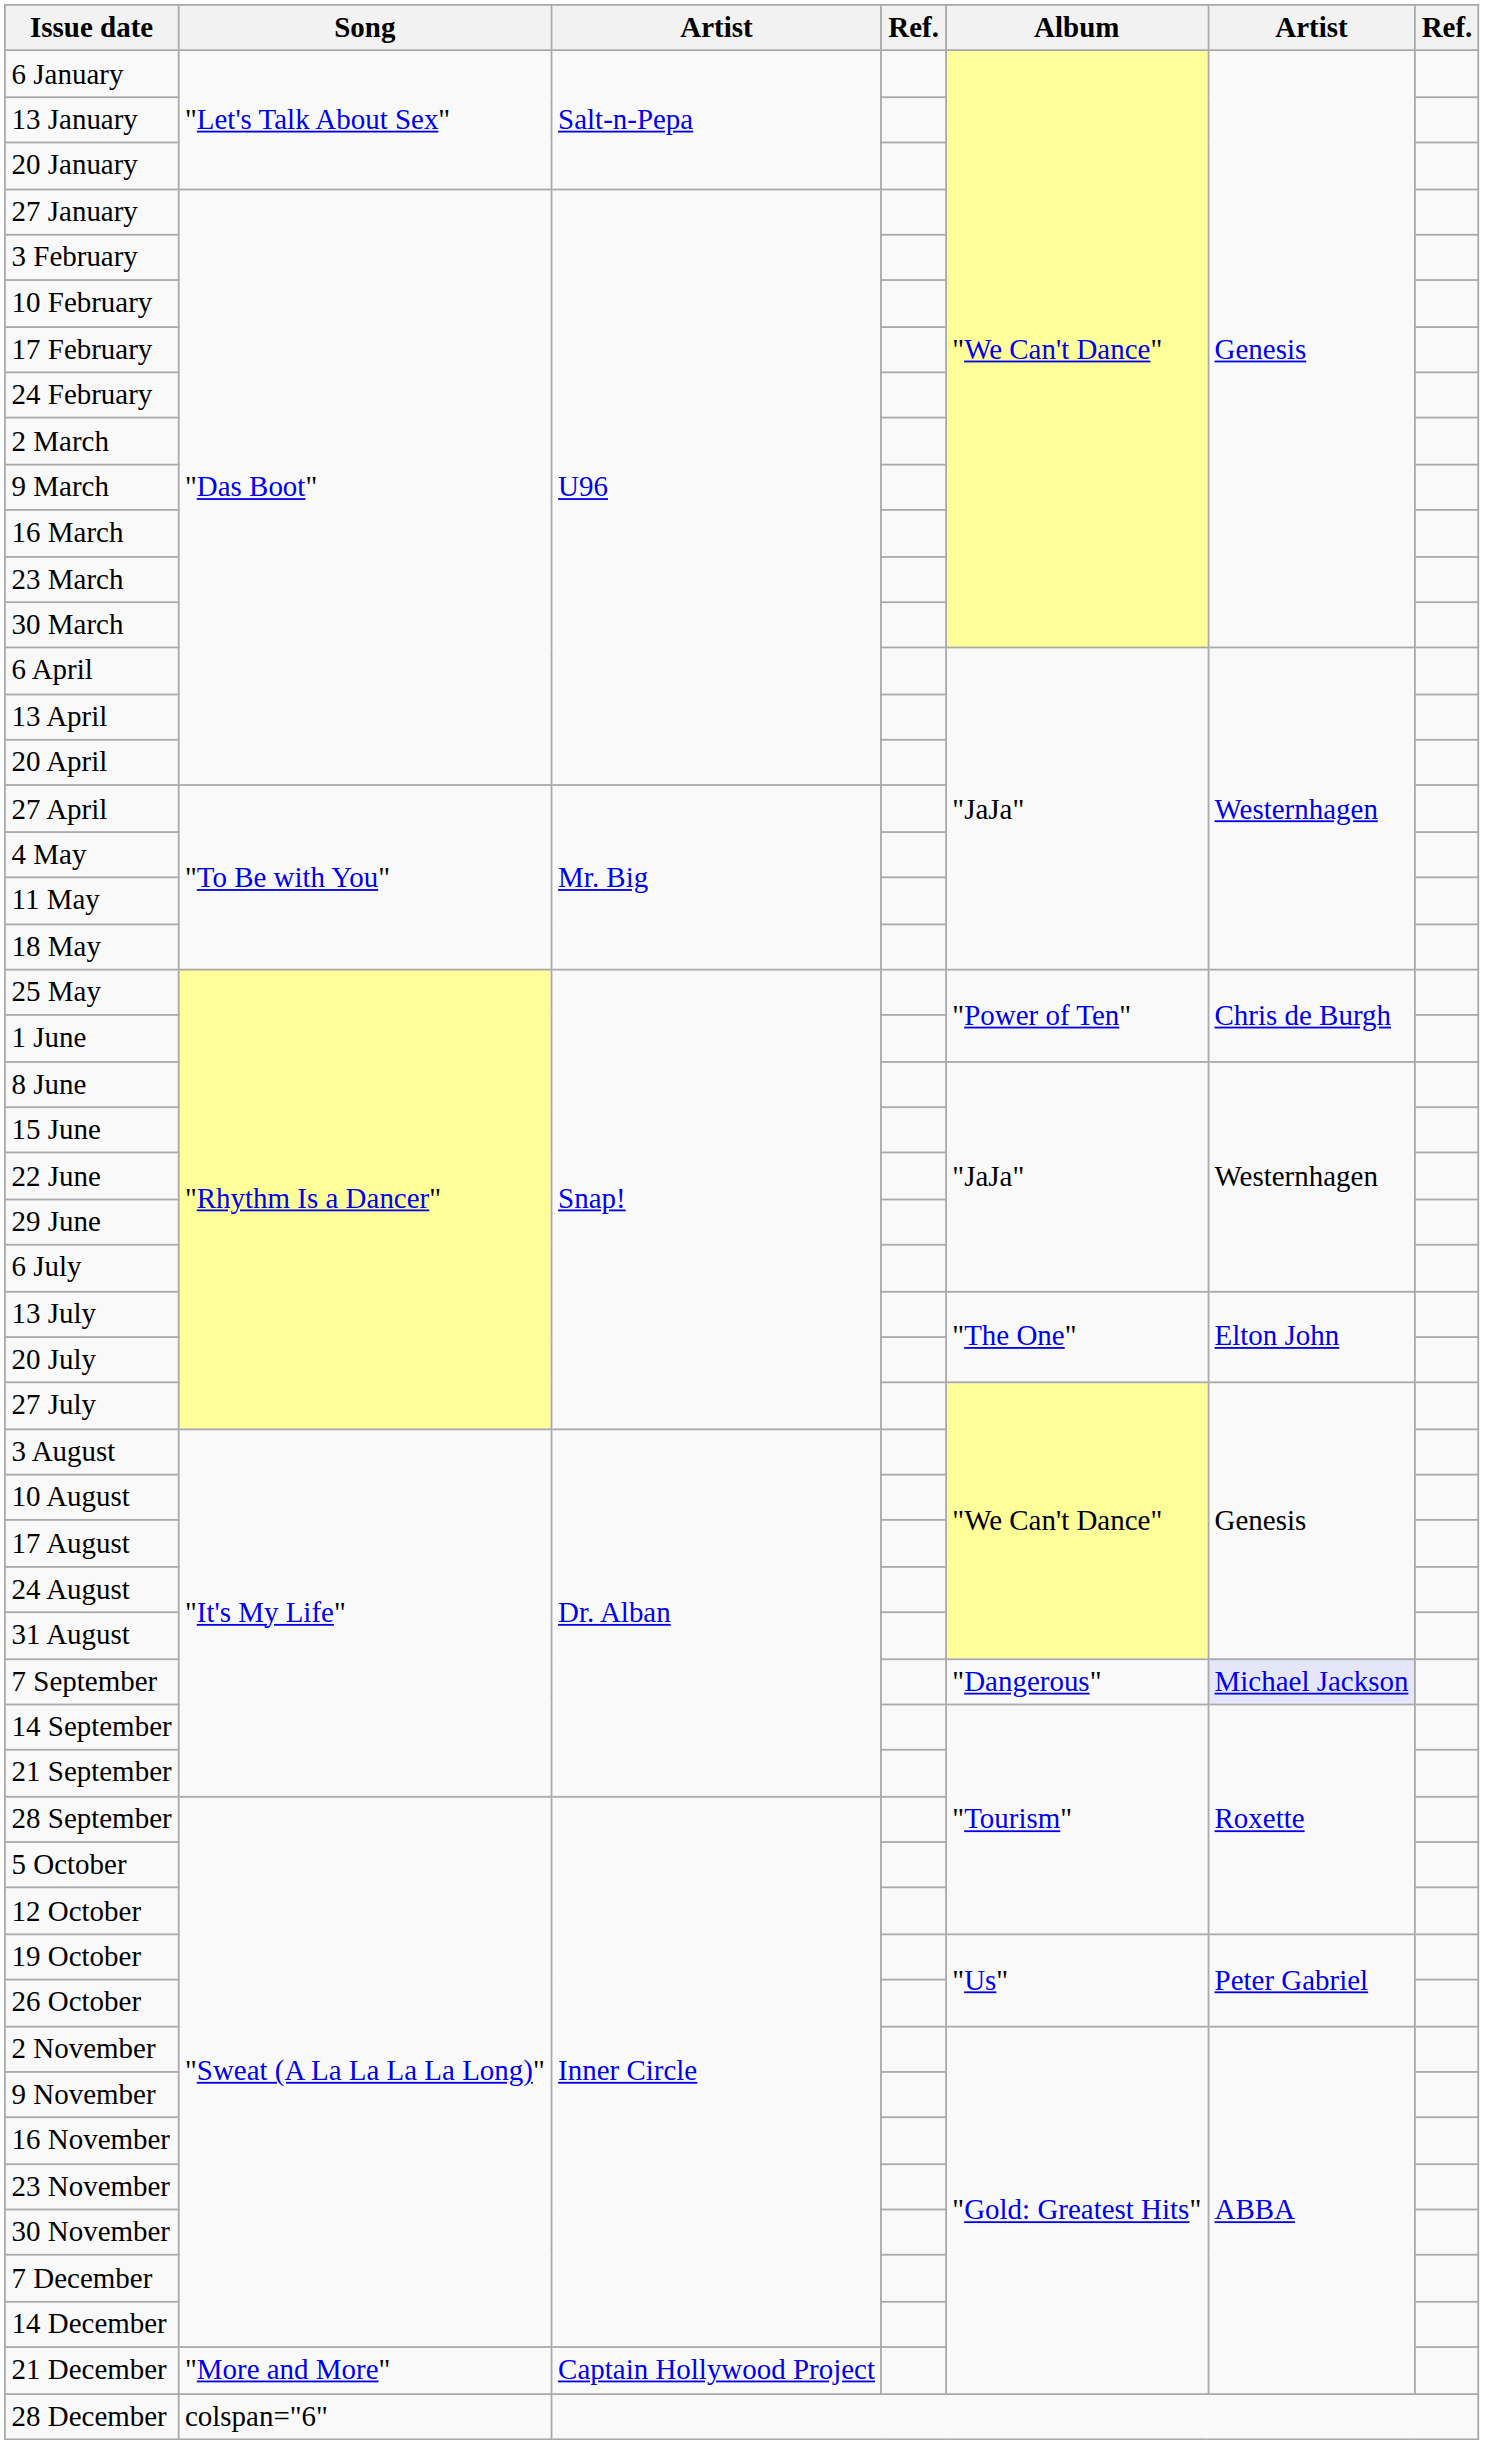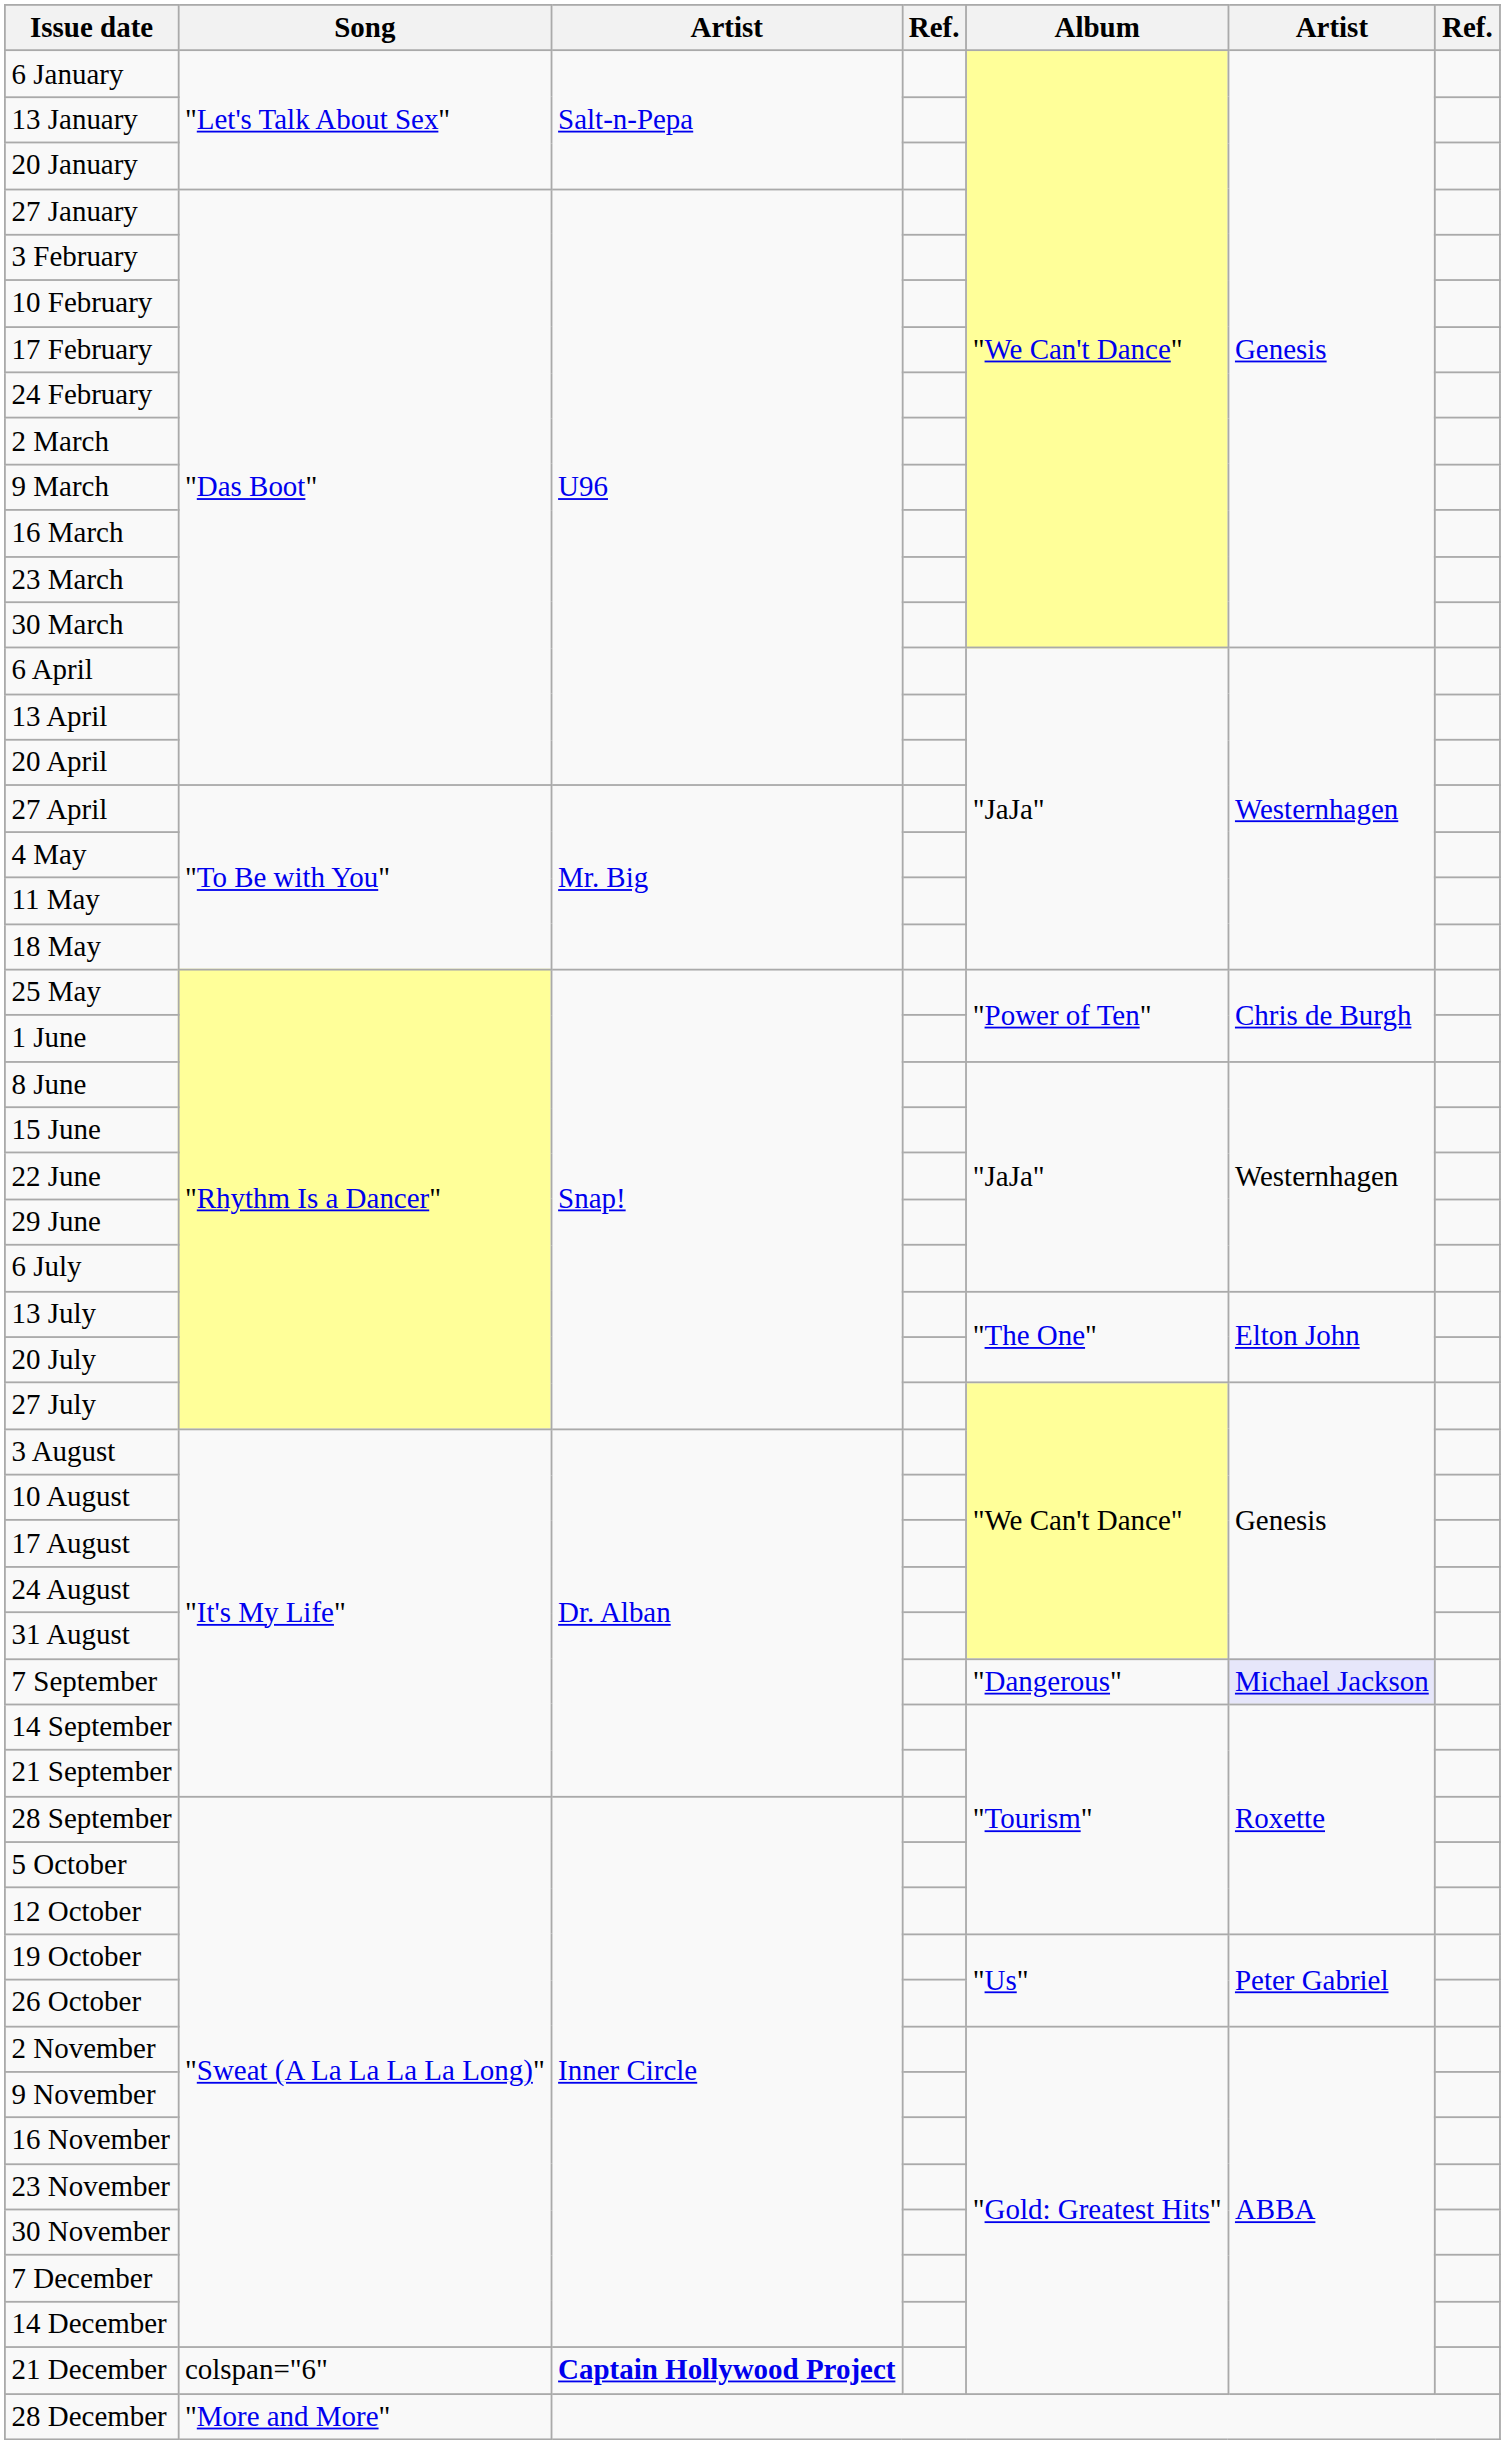 <table class="sortable wikitable">
 <tr>
 <th>Issue date</th>
 <th>Song</th>
 <th>Artist</th>
 <th>Ref.</th>
 <th>Album</th>
 <th>Artist</th>
 <th>Ref.</th>
 </tr>
 <tr>
 <td>6 January</td>
 <td rowspan="3">"<a href='#'>Let's Talk About Sex</a>"</td>
 <td rowspan="3"><a href='#'>Salt-n-Pepa</a></td>
 <td align="center"></td>
 <td bgcolor=#FFFF99  rowspan="13">"<a href='#'>We Can't Dance</a>" </td>
 <td rowspan="13"><a href='#'>Genesis</a></td>
 <td align="center"></td>
 </tr>
 <tr>
 <td>13 January</td>
 <td align="center"></td>
 <td align="center"></td>
 </tr>
 <tr>
 <td>20 January</td>
 <td align="center"></td>
 <td align="center"></td>
 </tr>
 <tr>
 <td>27 January</td>
 <td rowspan="13">"<a href='#'>Das Boot</a>"</td>
 <td rowspan="13"><a href='#'>U96</a></td>
 <td align="center"></td>
 <td align="center"></td>
 </tr>
 <tr>
 <td>3 February</td>
 <td align="center"></td>
 <td align="center"></td>
 </tr>
 <tr>
 <td>10 February</td>
 <td align="center"></td>
 <td align="center"></td>
 </tr>
 <tr>
 <td>17 February</td>
 <td align="center"></td>
 <td align="center"></td>
 </tr>
 <tr>
 <td>24 February</td>
 <td align="center"></td>
 <td align="center"></td>
 </tr>
 <tr>
 <td>2 March</td>
 <td align="center"></td>
 <td align="center"></td>
 </tr>
 <tr>
 <td>9 March</td>
 <td align="center"></td>
 <td align="center"></td>
 </tr>
 <tr>
 <td>16 March</td>
 <td align="center"></td>
 <td align="center"></td>
 </tr>
 <tr>
 <td>23 March</td>
 <td align="center"></td>
 <td align="center"></td>
 </tr>
 <tr>
 <td>30 March</td>
 <td align="center"></td>
 <td align="center"></td>
 </tr>
 <tr>
 <td>6 April</td>
 <td align="center"></td>
 <td rowspan="7">"JaJa"</td>
 <td rowspan="7"><a href='#'>Westernhagen</a></td>
 <td align="center"></td>
 </tr>
 <tr>
 <td>13 April</td>
 <td align="center"></td>
 <td align="center"></td>
 </tr>
 <tr>
 <td>20 April</td>
 <td align="center"></td>
 <td align="center"></td>
 </tr>
 <tr>
 <td>27 April</td>
 <td rowspan="4">"<a href='#'>To Be with You</a>"</td>
 <td rowspan="4"><a href='#'>Mr. Big</a></td>
 <td align="center"></td>
 <td align="center"></td>
 </tr>
 <tr>
 <td>4 May</td>
 <td align="center"></td>
 <td align="center"></td>
 </tr>
 <tr>
 <td>11 May</td>
 <td align="center"></td>
 <td align="center"></td>
 </tr>
 <tr>
 <td>18 May</td>
 <td align="center"></td>
 <td align="center"></td>
 </tr>
 <tr>
 <td>25 May</td>
 <td bgcolor=#FFFF99   rowspan="10">"<a href='#'>Rhythm Is a Dancer</a>" </td>
 <td rowspan="10"><a href='#'>Snap!</a></td>
 <td align="center"></td>
 <td rowspan="2">"<a href='#'>Power of Ten</a>"</td>
 <td rowspan="2"><a href='#'>Chris de Burgh</a></td>
 <td align="center"></td>
 </tr>
 <tr>
 <td>1 June</td>
 <td align="center"></td>
 <td align="center"></td>
 </tr>
 <tr>
 <td>8 June</td>
 <td align="center"></td>
 <td rowspan="5">"JaJa"</td>
 <td rowspan="5">Westernhagen</td>
 <td align="center"></td>
 </tr>
 <tr>
 <td>15 June</td>
 <td align="center"></td>
 <td align="center"></td>
 </tr>
 <tr>
 <td>22 June</td>
 <td align="center"></td>
 <td align="center"></td>
 </tr>
 <tr>
 <td>29 June</td>
 <td align="center"></td>
 <td align="center"></td>
 </tr>
 <tr>
 <td>6 July</td>
 <td align="center"></td>
 <td align="center"></td>
 </tr>
 <tr>
 <td>13 July</td>
 <td align="center"></td>
 <td rowspan="2">"<a href='#'>The One</a>"</td>
 <td rowspan="2"><a href='#'>Elton John</a></td>
 <td align="center"></td>
 </tr>
 <tr>
 <td>20 July</td>
 <td align="center"></td>
 <td align="center"></td>
 </tr>
 <tr>
 <td>27 July</td>
 <td align="center"></td>
 <td bgcolor=#FFFF99  rowspan="6">"We Can't Dance" </td>
 <td rowspan="6">Genesis</td>
 <td align="center"></td>
 </tr>
 <tr>
 <td>3 August</td>
 <td rowspan="8">"<a href='#'>It's My Life</a>"</td>
 <td rowspan="8"><a href='#'>Dr. Alban</a></td>
 <td align="center"></td>
 <td align="center"></td>
 </tr>
 <tr>
 <td>10 August</td>
 <td align="center"></td>
 <td align="center"></td>
 </tr>
 <tr>
 <td>17 August</td>
 <td align="center"></td>
 <td align="center"></td>
 </tr>
 <tr>
 <td>24 August</td>
 <td align="center"></td>
 <td align="center"></td>
 </tr>
 <tr>
 <td>31 August</td>
 <td align="center"></td>
 <td align="center"></td>
 </tr>
 <tr>
 <td>7 September</td>
 <td align="center"></td>
 <td>"<a href='#'>Dangerous</a>"</td>
 <td style="background: lavender;"><a href='#'>Michael Jackson</a></td>
 <td align="center"></td>
 </tr>
 <tr>
 <td>14 September</td>
 <td align="center"></td>
 <td rowspan="5">"<a href='#'>Tourism</a>"</td>
 <td rowspan="5"><a href='#'>Roxette</a></td>
 <td align="center"></td>
 </tr>
 <tr>
 <td>21 September</td>
 <td align="center"></td>
 <td align="center"></td>
 </tr>
 <tr>
 <td>28 September</td>
 <td rowspan="12">"<a href='#'>Sweat (A La La La La Long)</a>"</td>
 <td rowspan="12"><a href='#'>Inner Circle</a></td>
 <td align="center"></td>
 <td align="center"></td>
 </tr>
 <tr>
 <td>5 October</td>
 <td align="center"></td>
 <td align="center"></td>
 </tr>
 <tr>
 <td>12 October</td>
 <td align="center"></td>
 <td align="center"></td>
 </tr>
 <tr>
 <td>19 October</td>
 <td align="center"></td>
 <td rowspan="2">"<a href='#'>Us</a>"</td>
 <td rowspan="2"><a href='#'>Peter Gabriel</a></td>
 <td align="center"></td>
 </tr>
 <tr>
 <td>26 October</td>
 <td align="center"></td>
 <td align="center"></td>
 </tr>
 <tr>
 <td>2 November</td>
 <td align="center"></td>
 <td rowspan="8">"<a href='#'>Gold: Greatest Hits</a>"</td>
 <td rowspan="8"><a href='#'>ABBA</a></td>
 <td align="center"></td>
 </tr>
 <tr>
 <td>9 November</td>
 <td align="center"></td>
 <td align="center"></td>
 </tr>
 <tr>
 <td>16 November</td>
 <td align="center"></td>
 <td align="center"></td>
 </tr>
 <tr>
 <td>23 November</td>
 <td align="center"></td>
 <td align="center"></td>
 </tr>
 <tr>
 <td>30 November</td>
 <td align="center"></td>
 <td align="center"></td>
 </tr>
 <tr>
 <td>7 December</td>
 <td align="center"></td>
 <td align="center"></td>
 </tr>
 <tr>
 <td>14 December</td>
 <td align="center"></td>
 <td align="center"></td>
 </tr>
 <tr>
 <td>21 December</td>
-<td>"<a href='#'>More and More</a>"</td>
-<td><a href='#'>Captain Hollywood Project</a></td>
+<td>colspan="6" </td>
+<td><strong><a href='#'>Captain Hollywood Project</a></strong></td>
 <td align="center"></td>
 <td align="center"></td>
 </tr>
 <tr>
 <td>28 December</td>
-<td>colspan="6" </td>
+<td>"<a href='#'>More and More</a>"</td>
 </tr>
 </table>
